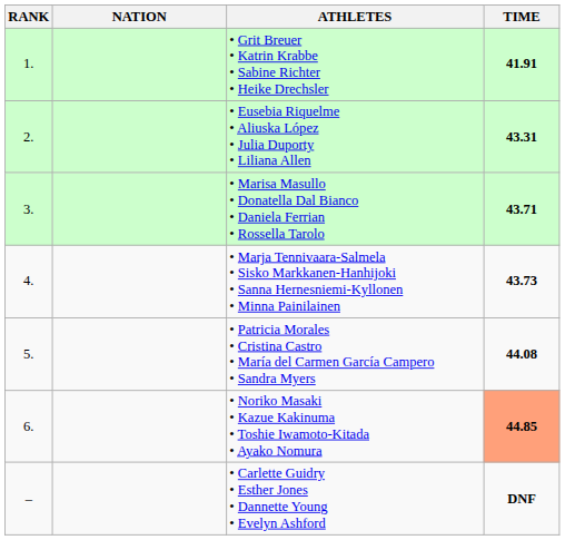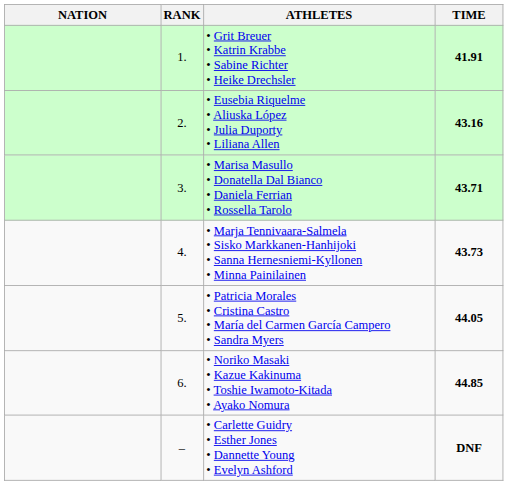 <table class="wikitable" style="border-collapse: collapse; font-size: 90%;">
 <tr>
+<th style="width: 12em">NATION</th>
 <th>RANK</th>
-<th style="width: 12em">NATION</th>
 <th style="width: 18em">ATHLETES</th>
 <th style="width: 5em">TIME</th>
 </tr>
 <tr style="background:#ccffcc;">
+<td align="center"></td>
 <td align="center">1.</td>
-<td align="center"></td>
 <td>• <a href='#'>Grit Breuer</a><br>• <a href='#'>Katrin Krabbe</a><br>• <a href='#'>Sabine Richter</a><br>• <a href='#'>Heike Drechsler</a></td>
 <td align="center"><strong>41.91</strong></td>
 </tr>
 <tr style="background:#ccffcc;">
+<td align="center"></td>
 <td align="center">2.</td>
-<td align="center"></td>
 <td>• <a href='#'>Eusebia Riquelme</a><br>• <a href='#'>Aliuska López</a><br>• <a href='#'>Julia Duporty</a><br>• <a href='#'>Liliana Allen</a></td>
-<td align="center"><strong>43.31</strong></td>
+<td align="center"><strong>43.16</strong></td>
 </tr>
 <tr style="background:#ccffcc;">
+<td align="center"></td>
 <td align="center">3.</td>
-<td align="center"></td>
 <td>• <a href='#'>Marisa Masullo</a><br>• <a href='#'>Donatella Dal Bianco</a><br>• <a href='#'>Daniela Ferrian</a><br>• <a href='#'>Rossella Tarolo</a></td>
 <td align="center"><strong>43.71</strong></td>
 </tr>
 <tr>
+<td align="center"></td>
 <td align="center">4.</td>
-<td align="center"></td>
 <td>• <a href='#'>Marja Tennivaara-Salmela</a><br>• <a href='#'>Sisko Markkanen-Hanhijoki</a><br>• <a href='#'>Sanna Hernesniemi-Kyllonen</a><br>• <a href='#'>Minna Painilainen</a></td>
 <td align="center"><strong>43.73</strong></td>
 </tr>
 <tr>
+<td align="center"></td>
 <td align="center">5.</td>
-<td align="center"></td>
 <td>• <a href='#'>Patricia Morales</a><br>• <a href='#'>Cristina Castro</a><br>• <a href='#'>María del Carmen García Campero</a><br>• <a href='#'>Sandra Myers</a></td>
-<td align="center"><strong>44.08</strong></td>
+<td align="center"><strong>44.05</strong></td>
 </tr>
 <tr>
+<td align="center"></td>
 <td align="center">6.</td>
-<td align="center"></td>
 <td>• <a href='#'>Noriko Masaki</a><br>• <a href='#'>Kazue Kakinuma</a><br>• <a href='#'>Toshie Iwamoto-Kitada</a><br>• <a href='#'>Ayako Nomura</a></td>
-<td align="center" style="background: lightsalmon;"><strong>44.85</strong></td>
+<td align="center"><strong>44.85</strong></td>
 </tr>
 <tr>
+<td align="center"></td>
 <td align="center">–</td>
-<td align="center"></td>
 <td>• <a href='#'>Carlette Guidry</a><br>• <a href='#'>Esther Jones</a><br>• <a href='#'>Dannette Young</a><br>• <a href='#'>Evelyn Ashford</a></td>
 <td align="center"><strong>DNF</strong></td>
 </tr>
 </table>
